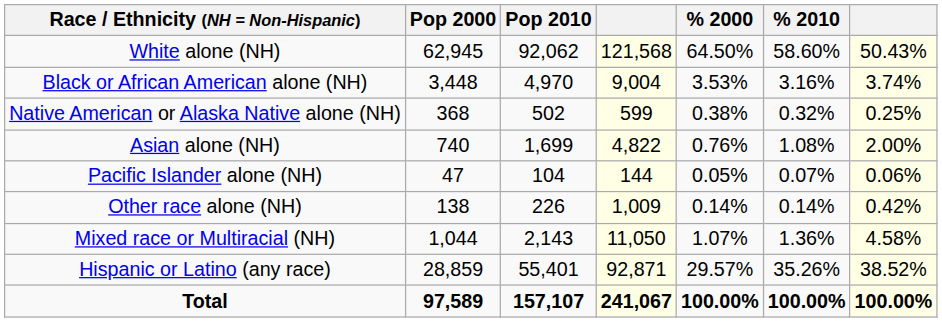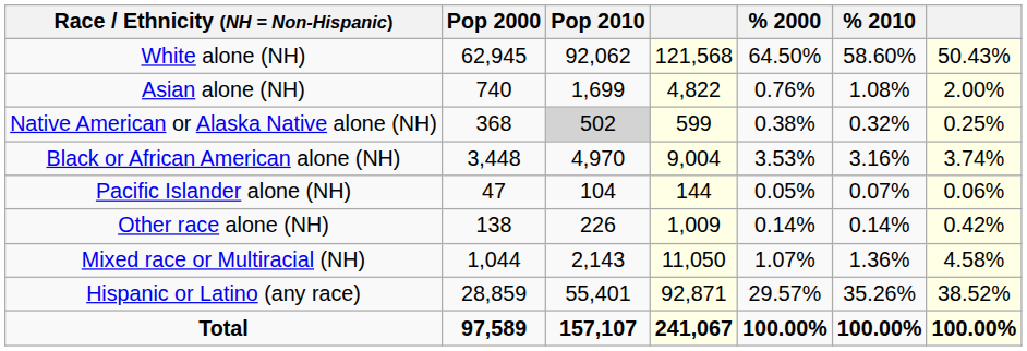 <table class="wikitable" style="text-align:center;">
 <tr>
 <th>Race / Ethnicity <small>(<em>NH = Non-Hispanic</em>)</small></th>
 <th>Pop 2000</th>
 <th>Pop 2010</th>
 <th></th>
 <th>% 2000</th>
 <th>% 2010</th>
 <th></th>
 </tr>
 <tr>
 <td><a href='#'>White</a> alone (NH)</td>
 <td>62,945</td>
 <td>92,062</td>
 <td style='background: #ffffe6;'>121,568</td>
 <td>64.50%</td>
 <td>58.60%</td>
 <td style='background: #ffffe6;'>50.43%</td>
 </tr>
 <tr>
+<td><a href='#'>Asian</a> alone (NH)</td>
+<td>740</td>
+<td>1,699</td>
+<td style='background: #ffffe6;'>4,822</td>
+<td>0.76%</td>
+<td>1.08%</td>
+<td style='background: #ffffe6;'>2.00%</td>
+</tr>
+<tr>
+<td><a href='#'>Native American</a> or <a href='#'>Alaska Native</a> alone (NH)</td>
+<td>368</td>
+<td style="background: lightgrey;">502</td>
+<td style='background: #ffffe6;'>599</td>
+<td>0.38%</td>
+<td>0.32%</td>
+<td style='background: #ffffe6;'>0.25%</td>
+</tr>
+<tr>
 <td><a href='#'>Black or African American</a> alone (NH)</td>
 <td>3,448</td>
 <td>4,970</td>
 <td style='background: #ffffe6;'>9,004</td>
 <td>3.53%</td>
 <td>3.16%</td>
 <td style='background: #ffffe6;'>3.74%</td>
-</tr>
-<tr>
-<td><a href='#'>Native American</a> or <a href='#'>Alaska Native</a> alone (NH)</td>
-<td>368</td>
-<td>502</td>
-<td style='background: #ffffe6;'>599</td>
-<td>0.38%</td>
-<td>0.32%</td>
-<td style='background: #ffffe6;'>0.25%</td>
-</tr>
-<tr>
-<td><a href='#'>Asian</a> alone (NH)</td>
-<td>740</td>
-<td>1,699</td>
-<td style='background: #ffffe6;'>4,822</td>
-<td>0.76%</td>
-<td>1.08%</td>
-<td style='background: #ffffe6;'>2.00%</td>
 </tr>
 <tr>
 <td><a href='#'>Pacific Islander</a> alone (NH)</td>
 <td>47</td>
 <td>104</td>
 <td style='background: #ffffe6;'>144</td>
 <td>0.05%</td>
 <td>0.07%</td>
 <td style='background: #ffffe6;'>0.06%</td>
 </tr>
 <tr>
 <td><a href='#'>Other race</a> alone (NH)</td>
 <td>138</td>
 <td>226</td>
 <td style='background: #ffffe6;'>1,009</td>
 <td>0.14%</td>
 <td>0.14%</td>
 <td style='background: #ffffe6;'>0.42%</td>
 </tr>
 <tr>
 <td><a href='#'>Mixed race or Multiracial</a> (NH)</td>
 <td>1,044</td>
 <td>2,143</td>
 <td style='background: #ffffe6;'>11,050</td>
 <td>1.07%</td>
 <td>1.36%</td>
 <td style='background: #ffffe6;'>4.58%</td>
 </tr>
 <tr>
 <td><a href='#'>Hispanic or Latino</a> (any race)</td>
 <td>28,859</td>
 <td>55,401</td>
 <td style='background: #ffffe6;'>92,871</td>
 <td>29.57%</td>
 <td>35.26%</td>
 <td style='background: #ffffe6;'>38.52%</td>
 </tr>
 <tr>
 <td><strong>Total</strong></td>
 <td><strong>97,589</strong></td>
 <td><strong>157,107</strong></td>
 <td style='background: #ffffe6;'><strong>241,067</strong></td>
 <td><strong>100.00%</strong></td>
 <td><strong>100.00%</strong></td>
 <td style='background: #ffffe6;'><strong>100.00%</strong></td>
 </tr>
 </table>
